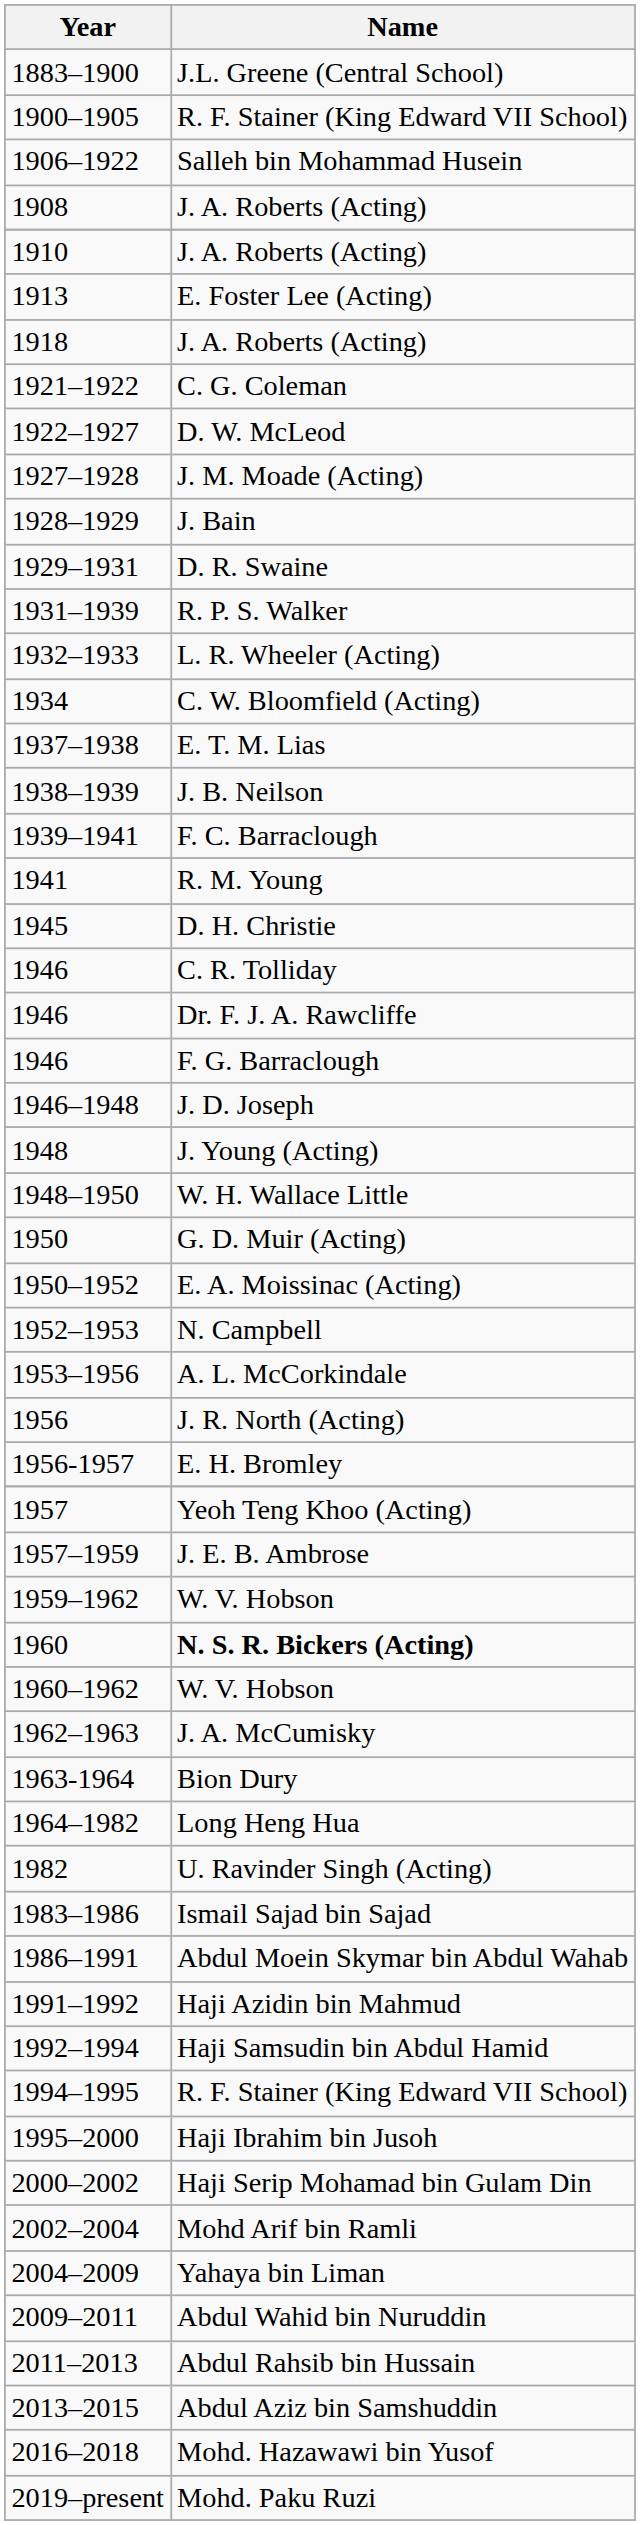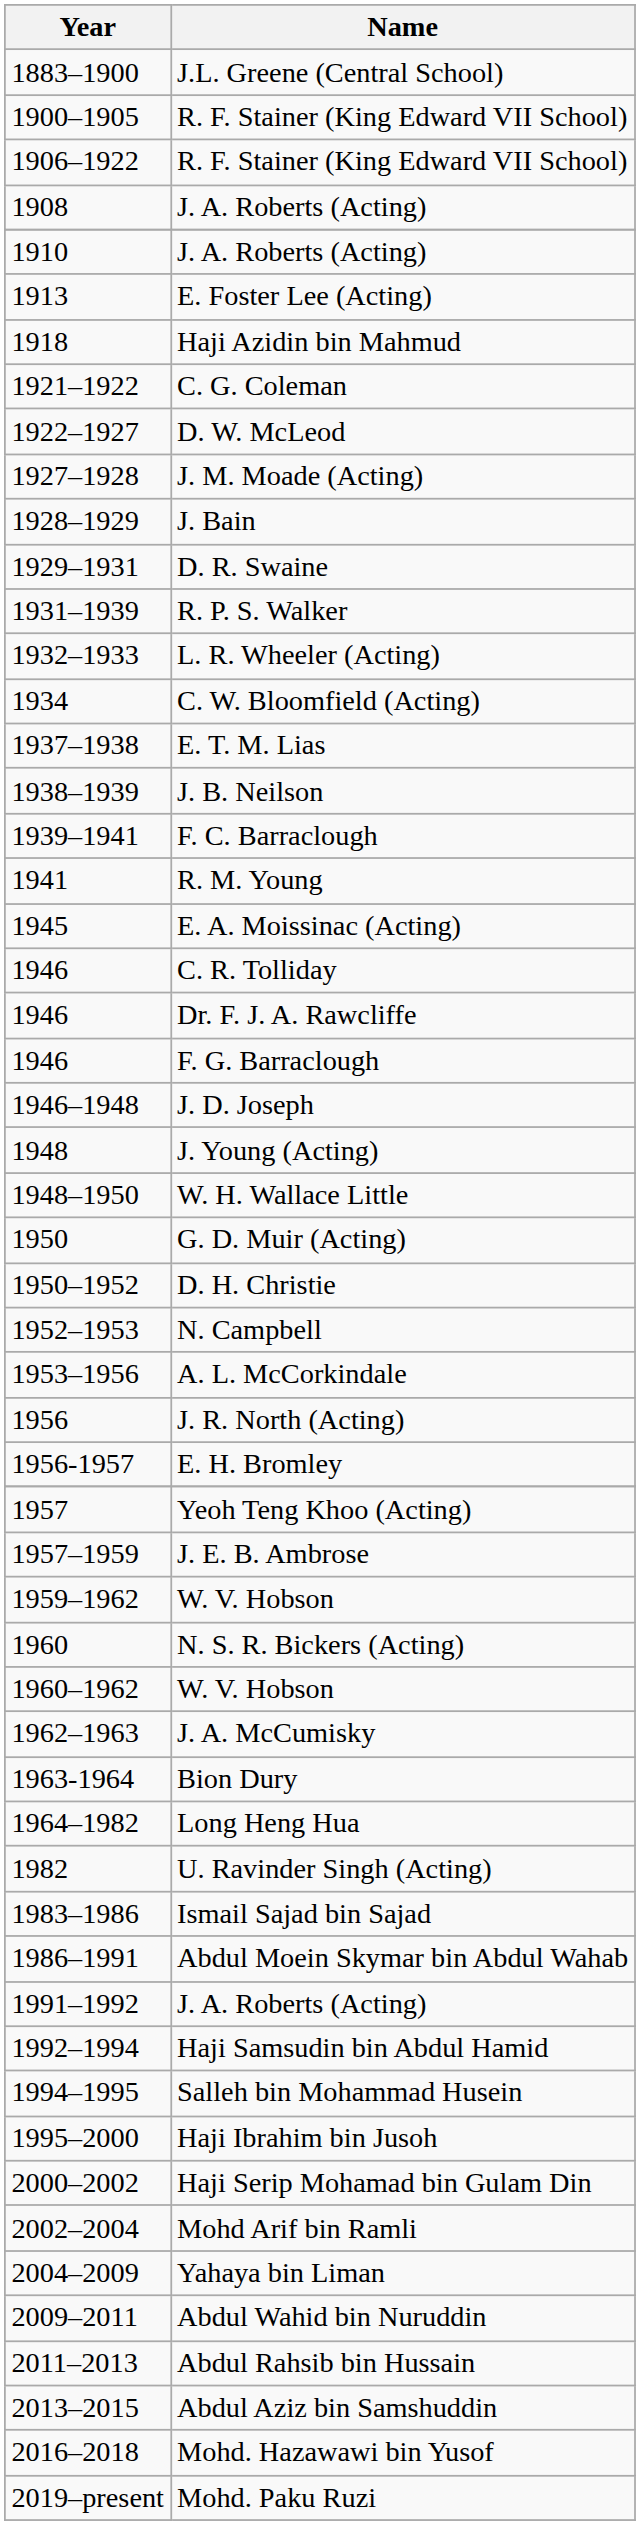 <table class="wikitable">
 <tr>
 <th>Year</th>
 <th>Name</th>
 </tr>
 <tr>
 <td>1883–1900</td>
 <td>J.L. Greene (Central School)</td>
 </tr>
 <tr>
 <td>1900–1905</td>
 <td>R. F. Stainer (King Edward VII School)</td>
 </tr>
 <tr |->
 <td>1906–1922</td>
-<td>Salleh bin Mohammad Husein</td>
+<td>R. F. Stainer (King Edward VII School)</td>
 </tr>
 <tr>
 <td>1908</td>
 <td>J. A. Roberts (Acting)</td>
 </tr>
 <tr |->
 </tr>
 <tr>
 <td>1910</td>
 <td>J. A. Roberts (Acting)</td>
 </tr>
 <tr |->
 <td>1913</td>
 <td>E. Foster Lee (Acting)</td>
 </tr>
 <tr>
 <td>1918</td>
-<td>J. A. Roberts (Acting)</td>
+<td>Haji Azidin bin Mahmud</td>
 </tr>
 <tr>
 <td>1921–1922</td>
 <td>C. G. Coleman</td>
 </tr>
 <tr>
 <td>1922–1927</td>
 <td>D. W. McLeod</td>
 </tr>
 <tr>
 <td>1927–1928</td>
 <td>J. M. Moade (Acting)</td>
 </tr>
 <tr>
 <td>1928–1929</td>
 <td>J. Bain</td>
 </tr>
 <tr>
 <td>1929–1931</td>
 <td>D. R. Swaine</td>
 </tr>
 <tr>
 <td>1931–1939</td>
 <td>R. P. S. Walker</td>
 </tr>
 <tr>
 <td>1932–1933</td>
 <td>L. R. Wheeler (Acting)</td>
 </tr>
 <tr>
 <td>1934</td>
 <td>C. W. Bloomfield (Acting)</td>
 </tr>
 <tr>
 <td>1937–1938</td>
 <td>E. T. M. Lias</td>
 </tr>
 <tr>
 <td>1938–1939</td>
 <td>J. B. Neilson</td>
 </tr>
 <tr>
 <td>1939–1941</td>
 <td>F. C. Barraclough</td>
 </tr>
 <tr>
 <td>1941</td>
 <td>R. M. Young</td>
 </tr>
 <tr>
 <td>1945</td>
-<td>D. H. Christie</td>
+<td>E. A. Moissinac (Acting)</td>
 </tr>
 <tr>
 <td>1946</td>
 <td>C. R. Tolliday</td>
 </tr>
 <tr>
 <td>1946</td>
 <td>Dr. F. J. A. Rawcliffe</td>
 </tr>
 <tr>
 <td>1946</td>
 <td>F. G. Barraclough</td>
 </tr>
 <tr>
 <td>1946–1948</td>
 <td>J. D. Joseph</td>
 </tr>
 <tr>
 <td>1948</td>
 <td>J. Young (Acting)</td>
 </tr>
 <tr>
 <td>1948–1950</td>
 <td>W. H. Wallace Little</td>
 </tr>
 <tr>
 <td>1950</td>
 <td>G. D. Muir (Acting)</td>
 </tr>
 <tr>
 <td>1950–1952</td>
-<td>E. A. Moissinac (Acting)</td>
+<td>D. H. Christie</td>
 </tr>
 <tr>
 <td>1952–1953</td>
 <td>N. Campbell</td>
 </tr>
 <tr>
 <td>1953–1956</td>
 <td>A. L. McCorkindale</td>
 </tr>
 <tr>
 <td>1956</td>
 <td>J. R. North (Acting)</td>
 </tr>
 <tr>
 <td>1956-1957</td>
 <td>E. H. Bromley</td>
 </tr>
 <tr>
 </tr>
 <tr>
 <td>1957</td>
 <td>Yeoh Teng Khoo (Acting)</td>
 </tr>
 <tr>
 <td>1957–1959</td>
 <td>J. E. B. Ambrose</td>
 </tr>
 <tr>
 <td>1959–1962</td>
 <td>W. V. Hobson</td>
 </tr>
 <tr>
 <td>1960</td>
-<td><strong>N. S. R. Bickers (Acting)</strong></td>
+<td>N. S. R. Bickers (Acting)</td>
 </tr>
 <tr>
 <td>1960–1962</td>
 <td>W. V. Hobson</td>
 </tr>
 <tr>
 <td>1962–1963</td>
 <td>J. A. McCumisky</td>
 </tr>
 <tr>
 <td>1963-1964</td>
 <td>Bion Dury</td>
 </tr>
 <tr>
 <td>1964–1982</td>
 <td>Long Heng Hua</td>
 </tr>
 <tr>
 <td>1982</td>
 <td>U. Ravinder Singh (Acting)</td>
 </tr>
 <tr>
 <td>1983–1986</td>
 <td>Ismail Sajad bin Sajad</td>
 </tr>
 <tr>
 <td>1986–1991</td>
 <td>Abdul Moein Skymar bin Abdul Wahab</td>
 </tr>
 <tr>
 <td>1991–1992</td>
-<td>Haji Azidin bin Mahmud</td>
+<td>J. A. Roberts (Acting)</td>
 </tr>
 <tr>
 <td>1992–1994</td>
 <td>Haji Samsudin bin Abdul Hamid</td>
 </tr>
 <tr>
 <td>1994–1995</td>
-<td>R. F. Stainer (King Edward VII School)</td>
+<td>Salleh bin Mohammad Husein</td>
 </tr>
 <tr>
 <td>1995–2000</td>
 <td>Haji Ibrahim bin Jusoh</td>
 </tr>
 <tr>
 <td>2000–2002</td>
 <td>Haji Serip Mohamad bin Gulam Din</td>
 </tr>
 <tr>
 <td>2002–2004</td>
 <td>Mohd Arif bin Ramli</td>
 </tr>
 <tr>
 <td>2004–2009</td>
 <td>Yahaya bin Liman</td>
 </tr>
 <tr>
 <td>2009–2011</td>
 <td>Abdul Wahid bin Nuruddin</td>
 </tr>
 <tr>
 <td>2011–2013</td>
 <td>Abdul Rahsib bin Hussain</td>
 </tr>
 <tr>
 <td>2013–2015</td>
 <td>Abdul Aziz bin Samshuddin</td>
 </tr>
 <tr>
 <td>2016–2018</td>
 <td>Mohd. Hazawawi bin Yusof</td>
 </tr>
 <tr>
 <td>2019–present</td>
 <td>Mohd. Paku Ruzi</td>
 </tr>
 </table>
